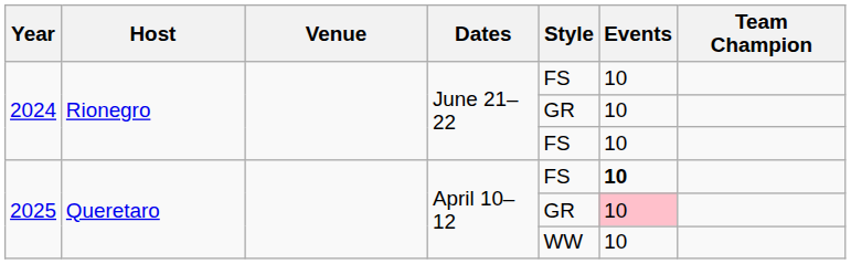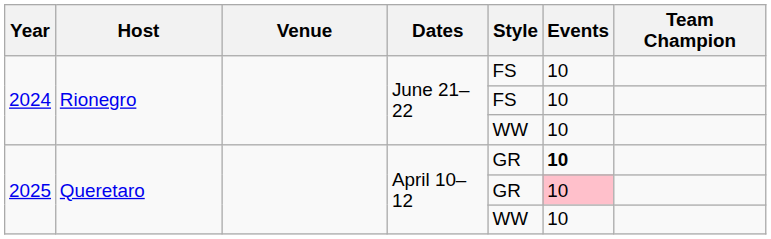 <table class="wikitable" style="text-align:left; font-size:90%">
 <tr>
 <th width=25px>Year</th>
 <th width=120px>Host</th>
 <th width=120px>Venue</th>
 <th width=70px>Dates</th>
 <th width=35px>Style</th>
 <th width=35px>Events</th>
 <th width=110px>Team Champion</th>
 </tr>
 <tr>
 <td rowspan=3><a href='#'>2024</a></td>
 <td rowspan=3> <a href='#'>Rionegro</a></td>
 <td rowspan=3></td>
 <td rowspan=3>June 21–22</td>
 <td>FS</td>
 <td>10</td>
 <td></td>
 </tr>
 <tr>
-<td>GR</td>
+<td>FS</td>
 <td>10</td>
 <td></td>
 </tr>
 <tr>
-<td>FS</td>
+<td>WW</td>
 <td>10</td>
 <td></td>
 </tr>
 <tr>
 <td rowspan=3><a href='#'>2025</a></td>
 <td rowspan=3> <a href='#'>Queretaro</a></td>
 <td rowspan=3></td>
 <td rowspan=3>April 10–12</td>
-<td>FS</td>
+<td>GR</td>
 <td><strong>10</strong></td>
 <td></td>
 </tr>
 <tr>
 <td>GR</td>
 <td style="background: pink;">10</td>
 <td></td>
 </tr>
 <tr>
 <td>WW</td>
 <td>10</td>
 <td></td>
 </tr>
 </table>
